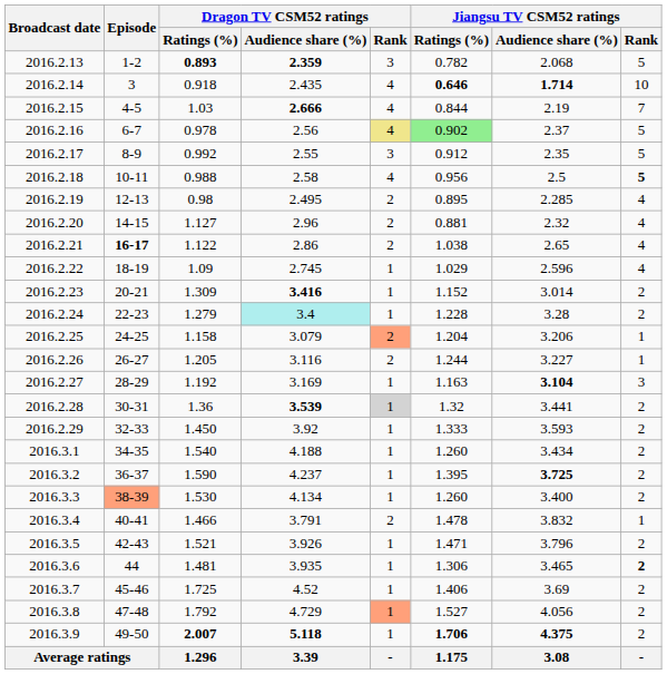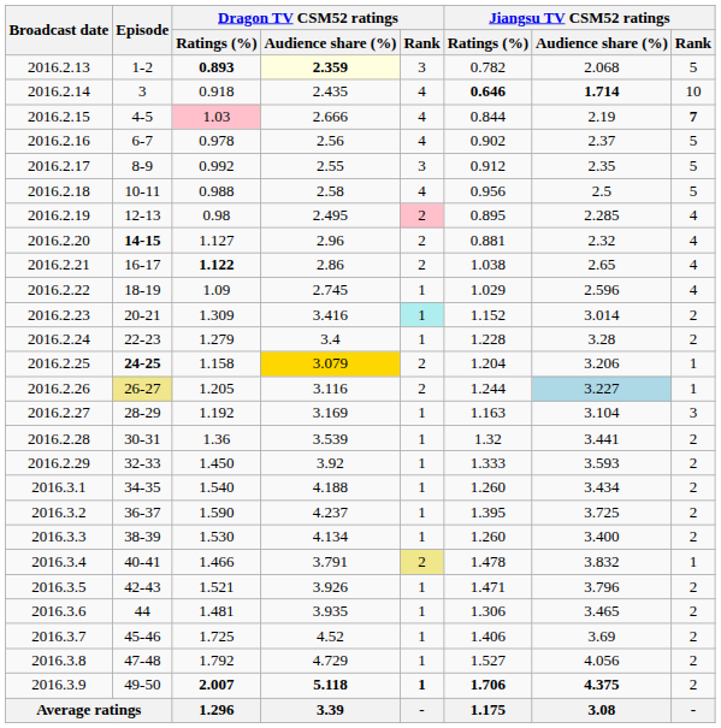 <table class="wikitable sortable mw-collapsible jquery-tablesorter" style="text-align:center">
 <tr>
 <th colspan="1" rowspan="2"><strong>Broadcast date</strong></th>
 <th colspan="1" rowspan="2"><strong>Episode</strong></th>
 <th colspan="3"><strong><a href='#'>Dragon TV</a> CSM52 ratings</strong></th>
 <th colspan="3"><strong><a href='#'>Jiangsu TV</a> CSM52 ratings</strong></th>
 </tr>
 <tr>
 <th><strong>Ratings (%)</strong></th>
 <th><strong>Audience share (%)</strong></th>
 <th><strong>Rank</strong></th>
 <th><strong>Ratings (%)</strong></th>
 <th><strong>Audience share (%)</strong></th>
 <th><strong>Rank</strong></th>
 </tr>
 <tr>
 <td>2016.2.13</td>
 <td>1-2</td>
 <td><strong><span>0.893</span></strong></td>
-<td><strong><span>2.359</span></strong></td>
+<td style="background: lightyellow;"><strong><span>2.359</span></strong></td>
 <td>3</td>
 <td>0.782</td>
 <td>2.068</td>
 <td>5</td>
 </tr>
 <tr>
 <td>2016.2.14</td>
 <td>3</td>
 <td>0.918</td>
 <td>2.435</td>
 <td>4</td>
 <td><strong><span>0.646</span></strong></td>
 <td><strong><span>1.714</span></strong></td>
 <td>10</td>
 </tr>
 <tr>
 <td>2016.2.15</td>
 <td>4-5</td>
-<td>1.03</td>
-<td><strong>2.666</strong></td>
+<td style="background: pink;">1.03</td>
+<td>2.666</td>
 <td>4</td>
 <td>0.844</td>
 <td>2.19</td>
-<td>7</td>
+<td><strong>7</strong></td>
 </tr>
 <tr>
 <td>2016.2.16</td>
 <td>6-7</td>
 <td>0.978</td>
 <td>2.56</td>
-<td style="background: khaki;">4</td>
-<td style="background: lightgreen;">0.902</td>
+<td>4</td>
+<td>0.902</td>
 <td>2.37</td>
 <td>5</td>
 </tr>
 <tr>
 <td>2016.2.17</td>
 <td>8-9</td>
 <td>0.992</td>
 <td>2.55</td>
 <td>3</td>
 <td>0.912</td>
 <td>2.35</td>
 <td>5</td>
 </tr>
 <tr>
 <td>2016.2.18</td>
 <td>10-11</td>
 <td>0.988</td>
 <td>2.58</td>
 <td>4</td>
 <td>0.956</td>
 <td>2.5</td>
-<td><strong>5</strong></td>
+<td>5</td>
 </tr>
 <tr>
 <td>2016.2.19</td>
 <td>12-13</td>
 <td>0.98</td>
 <td>2.495</td>
-<td>2</td>
+<td style="background: pink;">2</td>
 <td>0.895</td>
 <td>2.285</td>
 <td>4</td>
 </tr>
 <tr>
 <td>2016.2.20</td>
-<td>14-15</td>
+<td><strong>14-15</strong></td>
 <td>1.127</td>
 <td>2.96</td>
 <td>2</td>
 <td>0.881</td>
 <td>2.32</td>
 <td>4</td>
 </tr>
 <tr>
 <td>2016.2.21</td>
-<td><strong>16-17</strong></td>
-<td>1.122</td>
+<td>16-17</td>
+<td><strong>1.122</strong></td>
 <td>2.86</td>
 <td>2</td>
 <td>1.038</td>
 <td>2.65</td>
 <td>4</td>
 </tr>
 <tr>
 <td>2016.2.22</td>
 <td>18-19</td>
 <td>1.09</td>
 <td>2.745</td>
 <td>1</td>
 <td>1.029</td>
 <td>2.596</td>
 <td>4</td>
 </tr>
 <tr>
 <td>2016.2.23</td>
 <td>20-21</td>
 <td>1.309</td>
-<td><strong>3.416</strong></td>
-<td>1</td>
+<td>3.416</td>
+<td style="background: paleturquoise;">1</td>
 <td>1.152</td>
 <td>3.014</td>
 <td>2</td>
 </tr>
 <tr>
 <td>2016.2.24</td>
 <td>22-23</td>
 <td>1.279</td>
-<td style="background: paleturquoise;">3.4</td>
+<td>3.4</td>
 <td>1</td>
 <td>1.228</td>
 <td>3.28</td>
 <td>2</td>
 </tr>
 <tr>
 <td>2016.2.25</td>
-<td>24-25</td>
+<td><strong>24-25</strong></td>
 <td>1.158</td>
-<td>3.079</td>
-<td style="background: lightsalmon;">2</td>
+<td style="background: gold;">3.079</td>
+<td>2</td>
 <td>1.204</td>
 <td>3.206</td>
 <td>1</td>
 </tr>
 <tr>
 <td>2016.2.26</td>
-<td>26-27</td>
+<td style="background: khaki;">26-27</td>
 <td>1.205</td>
 <td>3.116</td>
 <td>2</td>
 <td>1.244</td>
-<td>3.227</td>
+<td style="background: lightblue;">3.227</td>
 <td>1</td>
 </tr>
 <tr>
 <td>2016.2.27</td>
 <td>28-29</td>
 <td>1.192</td>
 <td>3.169</td>
 <td>1</td>
 <td>1.163</td>
-<td><strong>3.104</strong></td>
+<td>3.104</td>
 <td>3</td>
 </tr>
 <tr>
 <td>2016.2.28</td>
 <td>30-31</td>
 <td>1.36</td>
-<td><strong>3.539</strong></td>
-<td style="background: lightgrey;">1</td>
+<td>3.539</td>
+<td>1</td>
 <td>1.32</td>
 <td>3.441</td>
 <td>2</td>
 </tr>
 <tr>
 <td>2016.2.29</td>
 <td>32-33</td>
 <td>1.450</td>
 <td>3.92</td>
 <td>1</td>
 <td>1.333</td>
 <td>3.593</td>
 <td>2</td>
 </tr>
 <tr>
 <td>2016.3.1</td>
 <td>34-35</td>
 <td>1.540</td>
 <td>4.188</td>
 <td>1</td>
 <td>1.260</td>
 <td>3.434</td>
 <td>2</td>
 </tr>
 <tr>
 <td>2016.3.2</td>
 <td>36-37</td>
 <td>1.590</td>
 <td>4.237</td>
 <td>1</td>
 <td>1.395</td>
-<td><strong>3.725</strong></td>
+<td>3.725</td>
 <td>2</td>
 </tr>
 <tr>
 <td>2016.3.3</td>
-<td style="background: lightsalmon;">38-39</td>
+<td>38-39</td>
 <td>1.530</td>
 <td>4.134</td>
 <td>1</td>
 <td>1.260</td>
 <td>3.400</td>
 <td>2</td>
 </tr>
 <tr>
 <td>2016.3.4</td>
 <td>40-41</td>
 <td>1.466</td>
 <td>3.791</td>
-<td>2</td>
+<td style="background: khaki;">2</td>
 <td>1.478</td>
 <td>3.832</td>
 <td>1</td>
 </tr>
 <tr>
 <td>2016.3.5</td>
 <td>42-43</td>
 <td>1.521</td>
 <td>3.926</td>
 <td>1</td>
 <td>1.471</td>
 <td>3.796</td>
 <td>2</td>
 </tr>
 <tr>
 <td>2016.3.6</td>
 <td>44</td>
 <td>1.481</td>
 <td>3.935</td>
 <td>1</td>
 <td>1.306</td>
 <td>3.465</td>
-<td><strong>2</strong></td>
+<td>2</td>
 </tr>
 <tr>
 <td>2016.3.7</td>
 <td>45-46</td>
 <td>1.725</td>
 <td>4.52</td>
 <td>1</td>
 <td>1.406</td>
 <td>3.69</td>
 <td>2</td>
 </tr>
 <tr>
 <td>2016.3.8</td>
 <td>47-48</td>
 <td>1.792</td>
 <td>4.729</td>
-<td style="background: lightsalmon;">1</td>
+<td>1</td>
 <td>1.527</td>
 <td>4.056</td>
 <td>2</td>
 </tr>
 <tr>
 <td>2016.3.9</td>
 <td>49-50</td>
 <td><strong><span>2.007</span></strong></td>
 <td><strong><span>5.118</span></strong></td>
-<td>1</td>
+<td><strong>1</strong></td>
 <td><strong><span>1.706</span></strong></td>
 <td><strong><span>4.375</span></strong></td>
 <td>2</td>
 </tr>
 <tr>
 <th colspan="2" rowspan="1"><strong>Average ratings</strong></th>
 <th><strong>1.296</strong></th>
 <th><strong>3.39</strong></th>
 <th><strong>-</strong></th>
 <th><strong>1.175</strong></th>
 <th><strong>3.08</strong></th>
 <th><strong>-</strong></th>
 </tr>
 </table>
